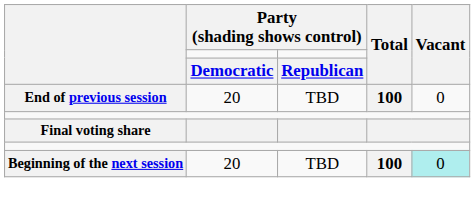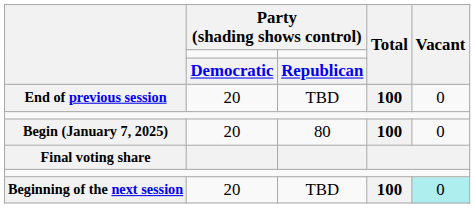 <table class="wikitable" style="text-align:center">
 <tr>
 <th rowspan="3" scope="col"> </th>
 <th colspan="2" scope="col">Party<div>(shading shows control)</div></th>
 <th rowspan="3" scope="col">Total</th>
 <th rowspan="3" scope="col">Vacant</th>
 </tr>
 <tr style="height:5px">
 <td style="background-color:"></td>
 <td style="background-color:"></td>
 </tr>
 <tr>
 <th scope="col"><a href='#'>Democratic</a></th>
 <th scope="col"><a href='#'>Republican</a></th>
 </tr>
 <tr>
 <th scope="row" style="font-size:85%">End of <a href='#'>previous session</a></th>
 <td>20</td>
 <td>TBD</td>
 <th>100</th>
 <td>0</td>
 </tr>
 <tr>
 <td colspan="5"></td>
 </tr>
 <tr>
+<th scope="row" style="font-size:85%">Begin (January 7, 2025)</th>
+<td>20</td>
+<td>80</td>
+<th>100</th>
+<td>0</td>
+</tr>
+<tr>
 <th scope="row" style="font-size:85%">Final voting share</th>
 <th></th>
 <th></th>
 <th colspan="2"></th>
 </tr>
 <tr>
 <td colspan="5"></td>
 </tr>
 <tr>
 <th scope="row" style="font-size:85%">Beginning of the <a href='#'>next session</a></th>
 <td>20</td>
 <td>TBD</td>
 <th>100</th>
 <td style="background: paleturquoise;">0</td>
 </tr>
 </table>
